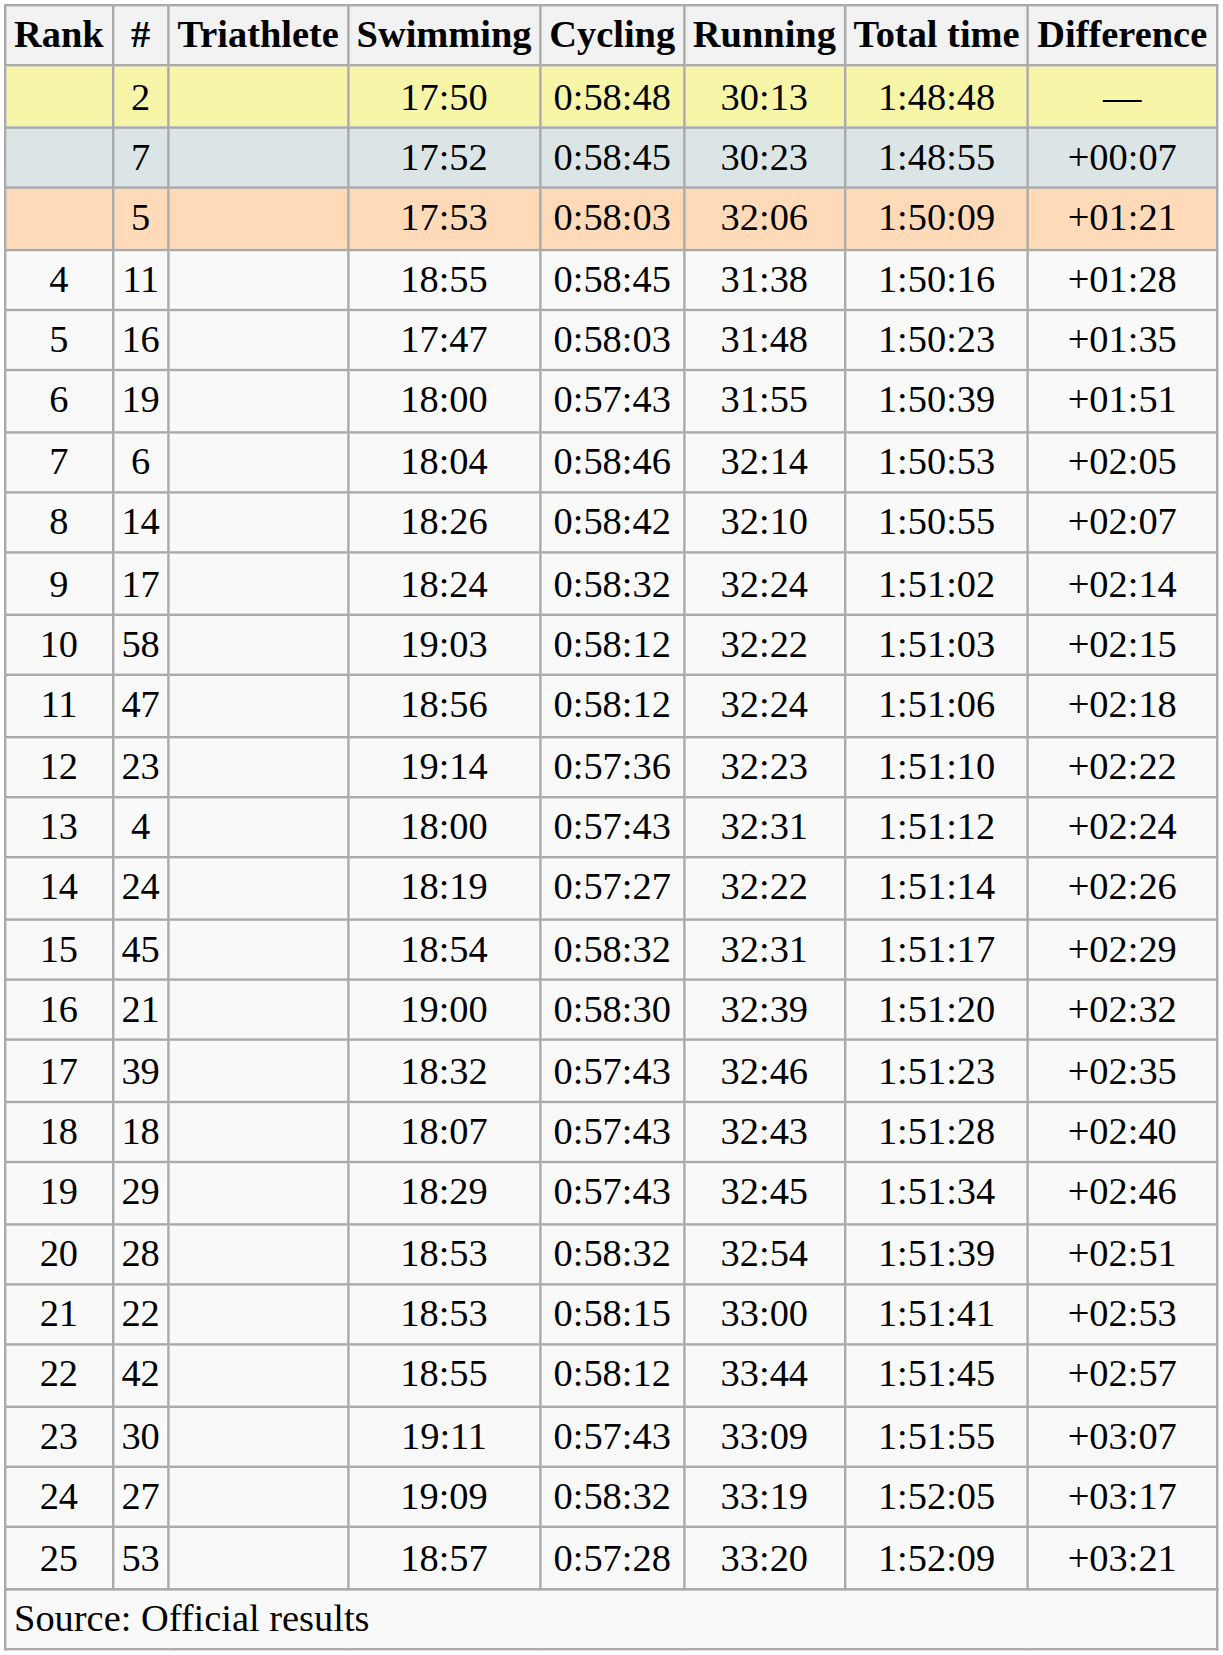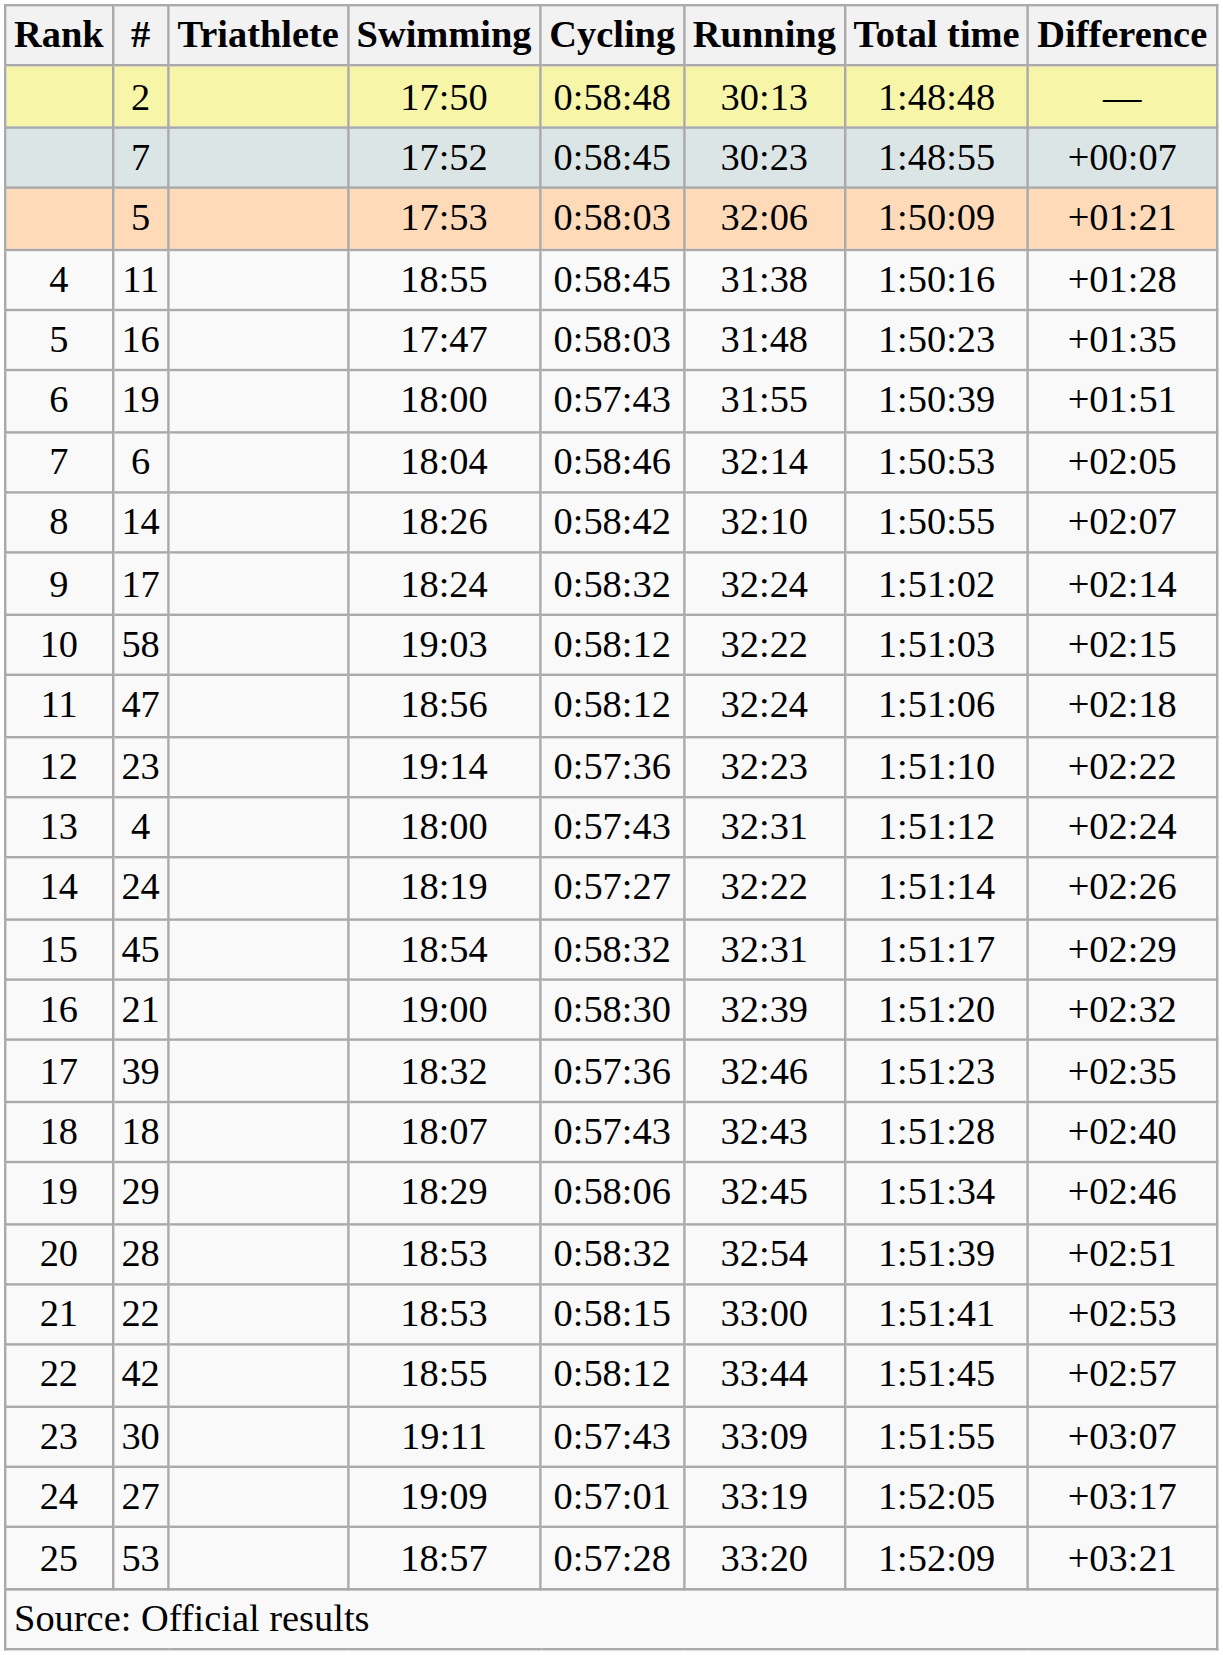 <table class="wikitable sortable" style="text-align:center">
 <tr>
 <th data-sort-type="number">Rank</th>
 <th>#</th>
 <th>Triathlete</th>
 <th>Swimming</th>
 <th>Cycling</th>
 <th>Running</th>
 <th>Total time</th>
 <th>Difference</th>
 </tr>
 <tr style="background:#F7F6A8;”">
 <td></td>
 <td>2</td>
 <td align=left></td>
 <td>17:50</td>
 <td>0:58:48</td>
 <td>30:13</td>
 <td>1:48:48</td>
 <td>—</td>
 </tr>
 <tr style="background:#DCE5E5;”">
 <td></td>
 <td>7</td>
 <td align=left></td>
 <td>17:52</td>
 <td>0:58:45</td>
 <td>30:23</td>
 <td>1:48:55</td>
 <td>+00:07</td>
 </tr>
 <tr style="background:#FFDAB9;">
 <td></td>
 <td>5</td>
 <td align=left></td>
 <td>17:53</td>
 <td>0:58:03</td>
 <td>32:06</td>
 <td>1:50:09</td>
 <td>+01:21</td>
 </tr>
 <tr>
 <td>4</td>
 <td>11</td>
 <td align=left></td>
 <td>18:55</td>
 <td>0:58:45</td>
 <td>31:38</td>
 <td>1:50:16</td>
 <td>+01:28</td>
 </tr>
 <tr>
 <td>5</td>
 <td>16</td>
 <td align=left></td>
 <td>17:47</td>
 <td>0:58:03</td>
 <td>31:48</td>
 <td>1:50:23</td>
 <td>+01:35</td>
 </tr>
 <tr>
 <td>6</td>
 <td>19</td>
 <td align=left></td>
 <td>18:00</td>
 <td>0:57:43</td>
 <td>31:55</td>
 <td>1:50:39</td>
 <td>+01:51</td>
 </tr>
 <tr>
 <td>7</td>
 <td>6</td>
 <td align=left></td>
 <td>18:04</td>
 <td>0:58:46</td>
 <td>32:14</td>
 <td>1:50:53</td>
 <td>+02:05</td>
 </tr>
 <tr>
 <td>8</td>
 <td>14</td>
 <td align=left></td>
 <td>18:26</td>
 <td>0:58:42</td>
 <td>32:10</td>
 <td>1:50:55</td>
 <td>+02:07</td>
 </tr>
 <tr>
 <td>9</td>
 <td>17</td>
 <td align=left></td>
 <td>18:24</td>
 <td>0:58:32</td>
 <td>32:24</td>
 <td>1:51:02</td>
 <td>+02:14</td>
 </tr>
 <tr>
 <td>10</td>
 <td>58</td>
 <td align=left></td>
 <td>19:03</td>
 <td>0:58:12</td>
 <td>32:22</td>
 <td>1:51:03</td>
 <td>+02:15</td>
 </tr>
 <tr>
 <td>11</td>
 <td>47</td>
 <td align=left></td>
 <td>18:56</td>
 <td>0:58:12</td>
 <td>32:24</td>
 <td>1:51:06</td>
 <td>+02:18</td>
 </tr>
 <tr>
 <td>12</td>
 <td>23</td>
 <td align=left></td>
 <td>19:14</td>
 <td>0:57:36</td>
 <td>32:23</td>
 <td>1:51:10</td>
 <td>+02:22</td>
 </tr>
 <tr>
 <td>13</td>
 <td>4</td>
 <td align=left></td>
 <td>18:00</td>
 <td>0:57:43</td>
 <td>32:31</td>
 <td>1:51:12</td>
 <td>+02:24</td>
 </tr>
 <tr>
 <td>14</td>
 <td>24</td>
 <td align=left></td>
 <td>18:19</td>
 <td>0:57:27</td>
 <td>32:22</td>
 <td>1:51:14</td>
 <td>+02:26</td>
 </tr>
 <tr>
 <td>15</td>
 <td>45</td>
 <td align=left></td>
 <td>18:54</td>
 <td>0:58:32</td>
 <td>32:31</td>
 <td>1:51:17</td>
 <td>+02:29</td>
 </tr>
 <tr>
 <td>16</td>
 <td>21</td>
 <td align=left></td>
 <td>19:00</td>
 <td>0:58:30</td>
 <td>32:39</td>
 <td>1:51:20</td>
 <td>+02:32</td>
 </tr>
 <tr>
 <td>17</td>
 <td>39</td>
 <td align=left></td>
 <td>18:32</td>
-<td>0:57:43</td>
+<td>0:57:36</td>
 <td>32:46</td>
 <td>1:51:23</td>
 <td>+02:35</td>
 </tr>
 <tr>
 <td>18</td>
 <td>18</td>
 <td align=left></td>
 <td>18:07</td>
 <td>0:57:43</td>
 <td>32:43</td>
 <td>1:51:28</td>
 <td>+02:40</td>
 </tr>
 <tr>
 <td>19</td>
 <td>29</td>
 <td align=left></td>
 <td>18:29</td>
-<td>0:57:43</td>
+<td>0:58:06</td>
 <td>32:45</td>
 <td>1:51:34</td>
 <td>+02:46</td>
 </tr>
 <tr>
 <td>20</td>
 <td>28</td>
 <td align=left></td>
 <td>18:53</td>
 <td>0:58:32</td>
 <td>32:54</td>
 <td>1:51:39</td>
 <td>+02:51</td>
 </tr>
 <tr>
 <td>21</td>
 <td>22</td>
 <td align=left></td>
 <td>18:53</td>
 <td>0:58:15</td>
 <td>33:00</td>
 <td>1:51:41</td>
 <td>+02:53</td>
 </tr>
 <tr>
 <td>22</td>
 <td>42</td>
 <td align=left></td>
 <td>18:55</td>
 <td>0:58:12</td>
 <td>33:44</td>
 <td>1:51:45</td>
 <td>+02:57</td>
 </tr>
 <tr>
 <td>23</td>
 <td>30</td>
 <td align=left></td>
 <td>19:11</td>
 <td>0:57:43</td>
 <td>33:09</td>
 <td>1:51:55</td>
 <td>+03:07</td>
 </tr>
 <tr>
 <td>24</td>
 <td>27</td>
 <td align=left></td>
 <td>19:09</td>
-<td>0:58:32</td>
+<td>0:57:01</td>
 <td>33:19</td>
 <td>1:52:05</td>
 <td>+03:17</td>
 </tr>
 <tr>
 <td>25</td>
 <td>53</td>
 <td align=left></td>
 <td>18:57</td>
 <td>0:57:28</td>
 <td>33:20</td>
 <td>1:52:09</td>
 <td>+03:21</td>
 </tr>
 <tr>
 </tr>
 <tr class="sortbottom">
 <td colspan="9" style="text-align:left;">Source: Official results</td>
 </tr>
 </table>
